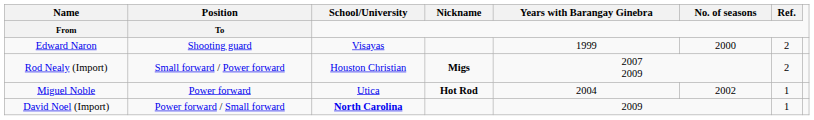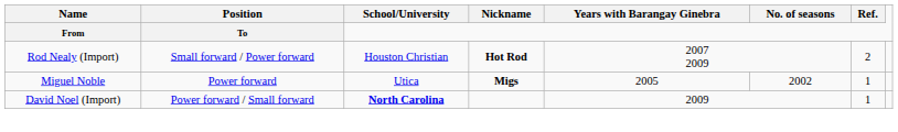 <table class="wikitable sortable" style="text-align:center" width="98%">
 <tr>
 <th>Name</th>
 <th>Position</th>
 <th>School/University</th>
 <th>Nickname</th>
 <th>Years with Barangay Ginebra</th>
 <th>No. of seasons</th>
 <th>Ref.</th>
 </tr>
 <tr>
 <th><small>From</small></th>
 <th><small>To</small></th>
 </tr>
 <tr>
-<td><a href='#'>Edward Naron</a></td>
-<td><a href='#'>Shooting guard</a></td>
-<td><a href='#'>Visayas</a></td>
-<td></td>
-<td>1999</td>
-<td>2000</td>
-<td>2</td>
-<td></td>
-</tr>
-<tr>
 <td><a href='#'>Rod Nealy</a> (Import)</td>
 <td><a href='#'>Small forward</a> / <a href='#'>Power forward</a></td>
 <td><a href='#'>Houston Christian</a></td>
-<td><strong>Migs</strong></td>
+<td><strong>Hot Rod</strong></td>
 <td colspan="2">2007<br>2009</td>
 <td>2</td>
 <td></td>
 </tr>
 <tr>
 <td><a href='#'>Miguel Noble</a></td>
 <td><a href='#'>Power forward</a></td>
 <td><a href='#'>Utica</a></td>
-<td><strong>Hot Rod</strong></td>
-<td>2004</td>
+<td><strong>Migs</strong></td>
+<td>2005</td>
 <td>2002</td>
 <td>1</td>
 <td></td>
 </tr>
 <tr>
 <td><a href='#'>David Noel</a> (Import)</td>
 <td><a href='#'>Power forward</a> / <a href='#'>Small forward</a></td>
 <td><strong><a href='#'>North Carolina</a></strong></td>
 <td></td>
 <td colspan="2">2009</td>
 <td>1</td>
 <td></td>
 </tr>
 </table>
